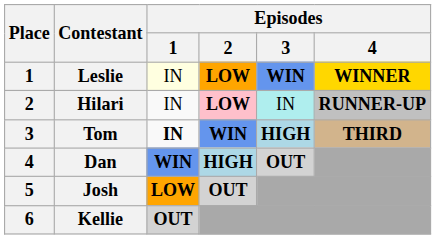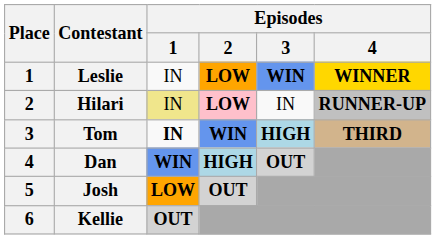 <table class="wikitable" style="text-align:center">
 <tr>
 <th rowspan="2">Place</th>
 <th rowspan="2">Contestant</th>
 <th colspan="5">Episodes</th>
 </tr>
 <tr>
 <th>1</th>
 <th>2</th>
 <th>3</th>
 <th>4</th>
 </tr>
 <tr>
 <th>1</th>
 <th>Leslie</th>
-<td style="background: lightyellow;">IN</td>
+<td>IN</td>
 <td bgcolor="orange"><strong>LOW</strong></td>
 <td bgcolor="cornflowerblue"><strong>WIN</strong></td>
 <td bgcolor="gold"><strong>WINNER</strong></td>
 </tr>
 <tr>
 <th>2</th>
 <th>Hilari</th>
+<td style="background: khaki;">IN</td>
+<td bgcolor="pink"><strong>LOW</strong></td>
 <td>IN</td>
-<td bgcolor="pink"><strong>LOW</strong></td>
-<td style="background: paleturquoise;">IN</td>
 <td bgcolor="silver"><strong>RUNNER-UP</strong></td>
 </tr>
 <tr>
 <th>3</th>
 <th>Tom</th>
 <td><strong>IN</strong></td>
 <td bgcolor="cornflowerblue"><strong>WIN</strong></td>
 <td bgcolor="lightblue"><strong>HIGH</strong></td>
 <td bgcolor="tan"><strong>THIRD</strong></td>
 </tr>
 <tr>
 <th>4</th>
 <th>Dan</th>
 <td bgcolor="cornflowerblue"><strong>WIN</strong></td>
 <td bgcolor="lightblue"><strong>HIGH</strong></td>
 <td bgcolor="lightgrey"><strong>OUT</strong></td>
 <td colspan=2 style="background:darkgray;"></td>
 </tr>
 <tr>
 <th>5</th>
 <th>Josh</th>
 <td bgcolor="orange"><strong>LOW</strong></td>
 <td bgcolor="lightgrey"><strong>OUT</strong></td>
 <td colspan=3 style="background:darkgray;"></td>
 </tr>
 <tr>
 <th>6</th>
 <th>Kellie</th>
 <td bgcolor="lightgrey"><strong>OUT</strong></td>
 <td colspan=4 style="background:darkgray;"></td>
 </tr>
 </table>
